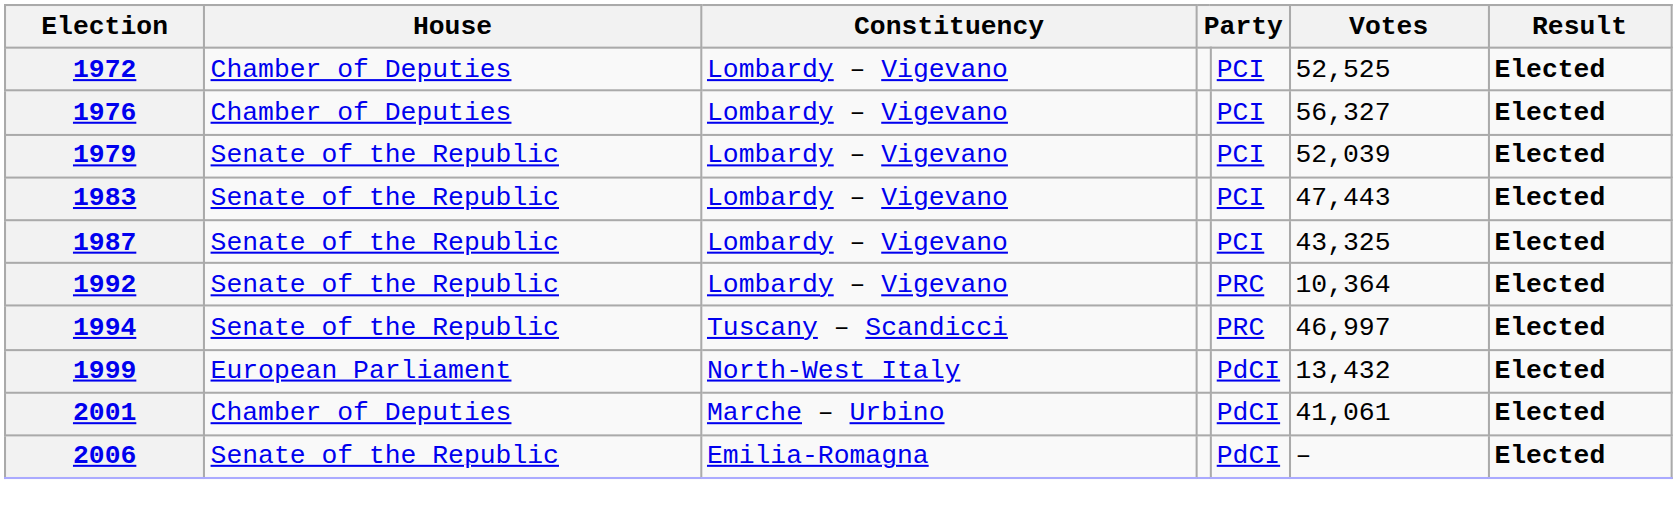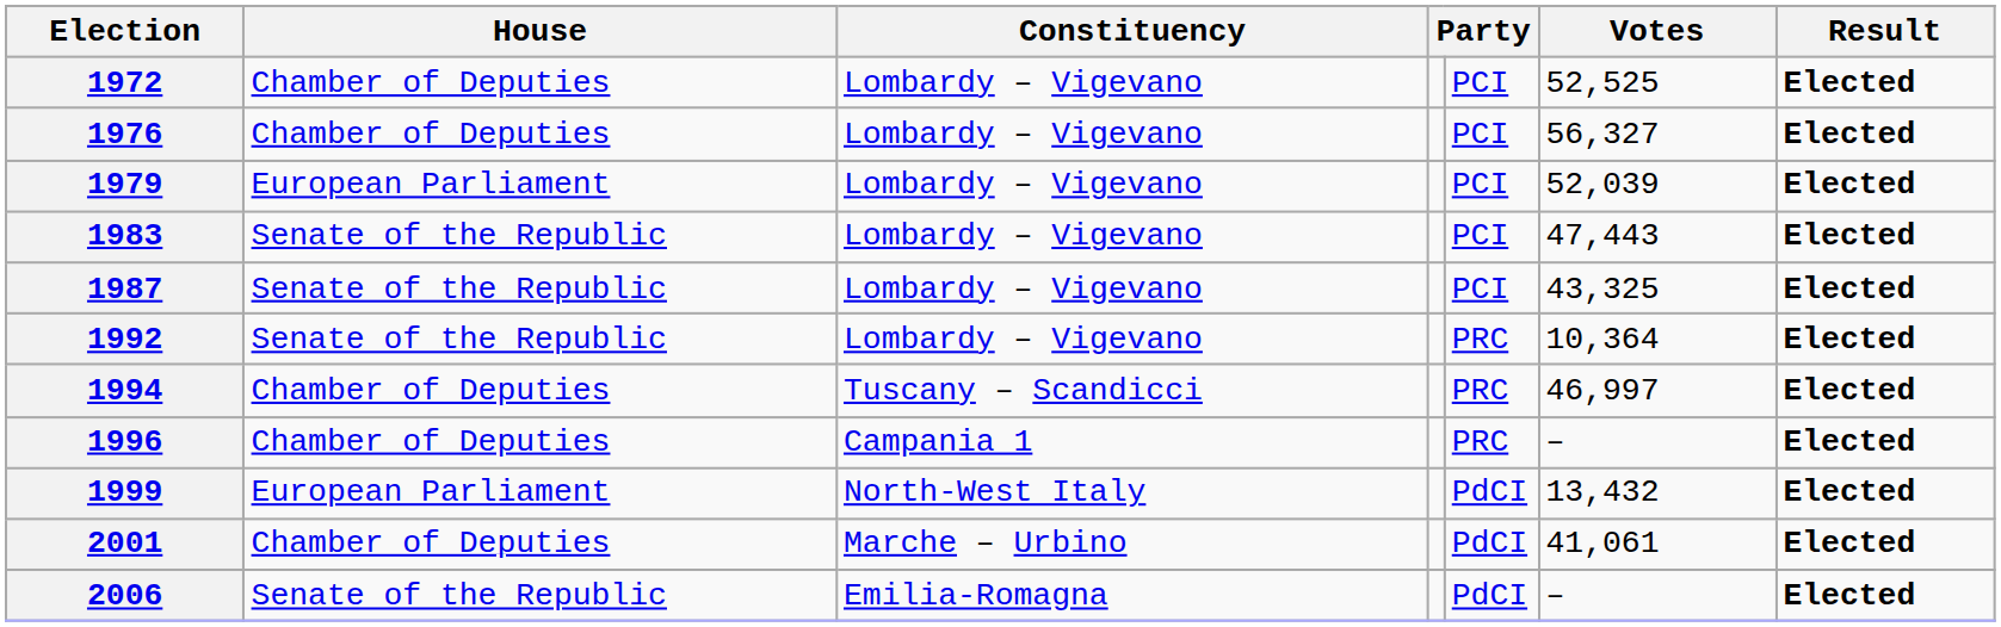 <table class=wikitable style="width:65%; border:1px #AAAAFF solid">
 <tr>
 <th width=12%>Election</th>
 <th width=30%>House</th>
 <th width=30%>Constituency</th>
 <th width=5% colspan="2">Party</th>
 <th width=12%>Votes</th>
 <th width=20%>Result</th>
 </tr>
 <tr>
 <th><a href='#'>1972</a></th>
 <td><a href='#'>Chamber of Deputies</a></td>
 <td><a href='#'>Lombardy</a> – <a href='#'>Vigevano</a></td>
 <td></td>
 <td><a href='#'>PCI</a></td>
 <td>52,525</td>
 <td> <strong>Elected</strong></td>
 </tr>
 <tr>
 <th><a href='#'>1976</a></th>
 <td><a href='#'>Chamber of Deputies</a></td>
 <td><a href='#'>Lombardy</a> – <a href='#'>Vigevano</a></td>
 <td></td>
 <td><a href='#'>PCI</a></td>
 <td>56,327</td>
 <td> <strong>Elected</strong></td>
 </tr>
 <tr>
 <th><a href='#'>1979</a></th>
-<td><a href='#'>Senate of the Republic</a></td>
+<td><a href='#'>European Parliament</a></td>
 <td><a href='#'>Lombardy</a> – <a href='#'>Vigevano</a></td>
 <td></td>
 <td><a href='#'>PCI</a></td>
 <td>52,039</td>
 <td> <strong>Elected</strong></td>
 </tr>
 <tr>
 <th><a href='#'>1983</a></th>
 <td><a href='#'>Senate of the Republic</a></td>
 <td><a href='#'>Lombardy</a> – <a href='#'>Vigevano</a></td>
 <td></td>
 <td><a href='#'>PCI</a></td>
 <td>47,443</td>
 <td> <strong>Elected</strong></td>
 </tr>
 <tr>
 <th><a href='#'>1987</a></th>
 <td><a href='#'>Senate of the Republic</a></td>
 <td><a href='#'>Lombardy</a> – <a href='#'>Vigevano</a></td>
 <td></td>
 <td><a href='#'>PCI</a></td>
 <td>43,325</td>
 <td> <strong>Elected</strong></td>
 </tr>
 <tr>
 <th><a href='#'>1992</a></th>
 <td><a href='#'>Senate of the Republic</a></td>
 <td><a href='#'>Lombardy</a> – <a href='#'>Vigevano</a></td>
 <td></td>
 <td><a href='#'>PRC</a></td>
 <td>10,364</td>
 <td> <strong>Elected</strong></td>
 </tr>
 <tr>
 <th><a href='#'>1994</a></th>
-<td><a href='#'>Senate of the Republic</a></td>
+<td><a href='#'>Chamber of Deputies</a></td>
 <td><a href='#'>Tuscany</a> – <a href='#'>Scandicci</a></td>
 <td></td>
 <td><a href='#'>PRC</a></td>
 <td>46,997</td>
+<td> <strong>Elected</strong></td>
+</tr>
+<tr>
+<th><a href='#'>1996</a></th>
+<td><a href='#'>Chamber of Deputies</a></td>
+<td><a href='#'>Campania 1</a></td>
+<td></td>
+<td><a href='#'>PRC</a></td>
+<td>–</td>
 <td> <strong>Elected</strong></td>
 </tr>
 <tr>
 <th><a href='#'>1999</a></th>
 <td><a href='#'>European Parliament</a></td>
 <td><a href='#'>North-West Italy</a></td>
 <td></td>
 <td><a href='#'>PdCI</a></td>
 <td>13,432</td>
 <td> <strong>Elected</strong></td>
 </tr>
 <tr>
 <th><a href='#'>2001</a></th>
 <td><a href='#'>Chamber of Deputies</a></td>
 <td><a href='#'>Marche</a> – <a href='#'>Urbino</a></td>
 <td></td>
 <td><a href='#'>PdCI</a></td>
 <td>41,061</td>
 <td> <strong>Elected</strong></td>
 </tr>
 <tr>
 <th><a href='#'>2006</a></th>
 <td><a href='#'>Senate of the Republic</a></td>
 <td><a href='#'>Emilia-Romagna</a></td>
 <td></td>
 <td><a href='#'>PdCI</a></td>
 <td>–</td>
 <td> <strong>Elected</strong></td>
 </tr>
 <tr>
 </tr>
 </table>
